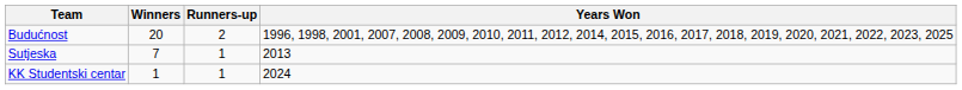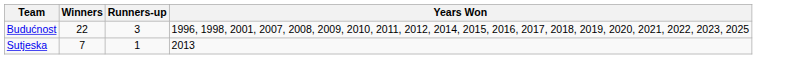 <table class="wikitable" style="font-size:90%">
 <tr>
 <th>Team</th>
 <th>Winners</th>
 <th>Runners-up</th>
 <th>Years Won</th>
 </tr>
 <tr>
 <td><a href='#'>Budućnost</a></td>
-<td align="center">20</td>
-<td align="center">2</td>
+<td align="center">22</td>
+<td align="center">3</td>
 <td>1996, 1998, 2001, 2007, 2008, 2009, 2010, 2011, 2012, 2014, 2015, 2016, 2017, 2018, 2019, 2020, 2021, 2022, 2023, 2025</td>
 </tr>
 <tr>
 <td><a href='#'>Sutjeska</a></td>
 <td align="center">7</td>
 <td align="center">1</td>
 <td>2013</td>
 </tr>
-<tr>
-<td><a href='#'>KK Studentski centar</a></td>
-<td align="center">1</td>
-<td align="center">1</td>
-<td>2024</td>
-</tr>
 </table>
